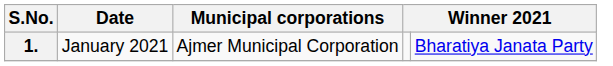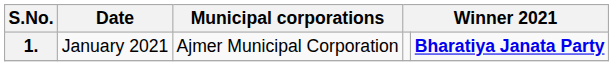 <table class="wikitable sortable">
 <tr>
 <th>S.No.</th>
 <th>Date</th>
 <th>Municipal corporations</th>
 <th colspan="2">Winner 2021</th>
 </tr>
 <tr>
 <th>1.</th>
 <td>January 2021</td>
 <td>Ajmer Municipal Corporation</td>
 <td style="background:"></td>
-<td><a href='#'>Bharatiya Janata Party</a></td>
+<td><strong><a href='#'>Bharatiya Janata Party</a></strong></td>
 </tr>
 <tr>
 </tr>
 </table>
